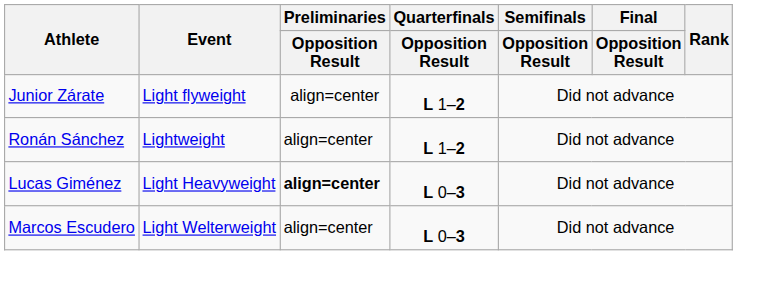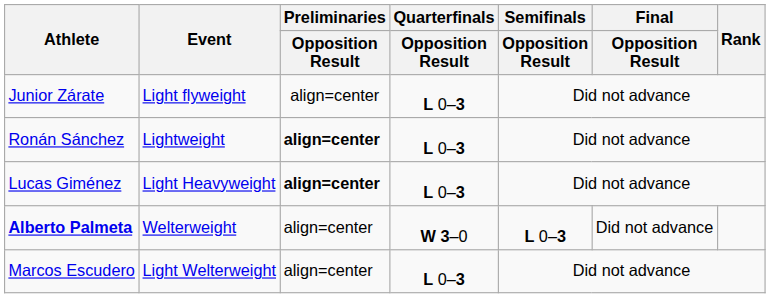 <table class="wikitable" border="1" style="font-size:90%">
 <tr>
 <th rowspan=2>Athlete</th>
 <th rowspan=2>Event</th>
 <th>Preliminaries</th>
 <th>Quarterfinals</th>
 <th>Semifinals</th>
 <th>Final</th>
 <th rowspan=2>Rank</th>
 </tr>
 <tr>
 <th>Opposition<br>Result</th>
 <th>Opposition<br>Result</th>
 <th>Opposition<br>Result</th>
 <th>Opposition<br>Result</th>
 </tr>
 <tr align=center>
 <td align=left><a href='#'>Junior Zárate</a></td>
 <td align=left><a href='#'>Light flyweight</a></td>
 <td>align=center </td>
-<td align=center><br><strong>L</strong> 1–<strong>2</strong></td>
+<td align=center><br><strong>L</strong> 0–<strong>3</strong></td>
 <td colspan=3>Did not advance</td>
 </tr>
 <tr>
 <td><a href='#'>Ronán Sánchez</a></td>
 <td><a href='#'>Lightweight</a></td>
-<td>align=center </td>
-<td align=center><br><strong>L</strong> 1–<strong>2</strong></td>
+<td><strong>align=center </strong></td>
+<td align=center><br><strong>L</strong> 0–<strong>3</strong></td>
 <td align=center colspan=3>Did not advance</td>
 </tr>
 <tr>
 <td><a href='#'>Lucas Giménez</a></td>
 <td><a href='#'>Light Heavyweight</a></td>
 <td><strong>align=center </strong></td>
 <td align=center><br><strong>L</strong> 0–<strong>3</strong></td>
 <td align=center colspan=3>Did not advance</td>
 </tr>
 <tr>
+<td><strong><a href='#'>Alberto Palmeta</a></strong></td>
+<td><a href='#'>Welterweight</a></td>
+<td>align=center </td>
+<td align=center><br><strong>W</strong> <strong>3</strong>–0</td>
+<td align=center><br><strong>L</strong> 0–<strong>3</strong></td>
+<td align=center>Did not advance</td>
+<td align=center></td>
+</tr>
+<tr>
 <td><a href='#'>Marcos Escudero</a></td>
 <td><a href='#'>Light Welterweight</a></td>
 <td>align=center </td>
 <td align=center><br><strong>L</strong> 0–<strong>3</strong></td>
 <td align=center colspan=3>Did not advance</td>
 </tr>
 </table>
